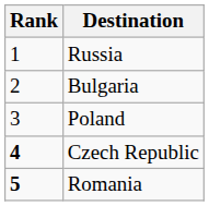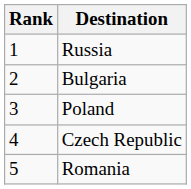 <table class="wikitable">
 <tr>
 <th>Rank</th>
 <th>Destination</th>
 </tr>
 <tr>
 <td>1</td>
 <td> Russia</td>
 </tr>
 <tr>
 <td>2</td>
 <td> Bulgaria</td>
 </tr>
 <tr>
 <td>3</td>
 <td> Poland</td>
 </tr>
 <tr>
-<td><strong>4</strong></td>
+<td>4</td>
 <td> Czech Republic</td>
 </tr>
 <tr>
-<td><strong>5</strong></td>
+<td>5</td>
 <td> Romania</td>
 </tr>
 </table>
